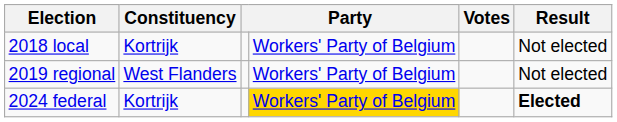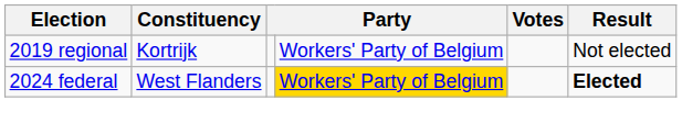 <table class="wikitable" style="text-align:left;">
 <tr>
 <th scope=col>Election</th>
 <th scope=col>Constituency</th>
 <th scope=col colspan="2">Party</th>
 <th scope=col>Votes</th>
 <th scope=col>Result</th>
 </tr>
 <tr>
-<td><a href='#'>2018 local</a></td>
+<td><a href='#'>2019 regional</a></td>
 <td><a href='#'>Kortrijk</a></td>
 <td style="background:"></td>
 <td><a href='#'>Workers' Party of Belgium</a></td>
 <td align=right></td>
 <td>Not elected</td>
 </tr>
 <tr>
-<td><a href='#'>2019 regional</a></td>
+<td><a href='#'>2024 federal</a></td>
 <td><a href='#'>West Flanders</a></td>
-<td style="background:"></td>
-<td><a href='#'>Workers' Party of Belgium</a></td>
-<td align=right></td>
-<td>Not elected</td>
-</tr>
-<tr>
-<td><a href='#'>2024 federal</a></td>
-<td><a href='#'>Kortrijk</a></td>
 <td style="background:"></td>
 <td style="background: gold;"><a href='#'>Workers' Party of Belgium</a></td>
 <td align=right></td>
 <td><strong>Elected</strong></td>
 </tr>
 </table>
